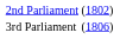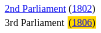 <table id=toc style="float:right">
 <tr>
 <td><a href='#'>2nd Parliament</a></td>
 <td>(<a href='#'>1802</a>)</td>
 </tr>
 <tr>
 <td>3rd Parliament</td>
-<td>(<a href='#'>1806</a>)</td>
+<td style="background: gold;">(<a href='#'>1806</a>)</td>
 </tr>
 <tr>
 </tr>
 </table>
